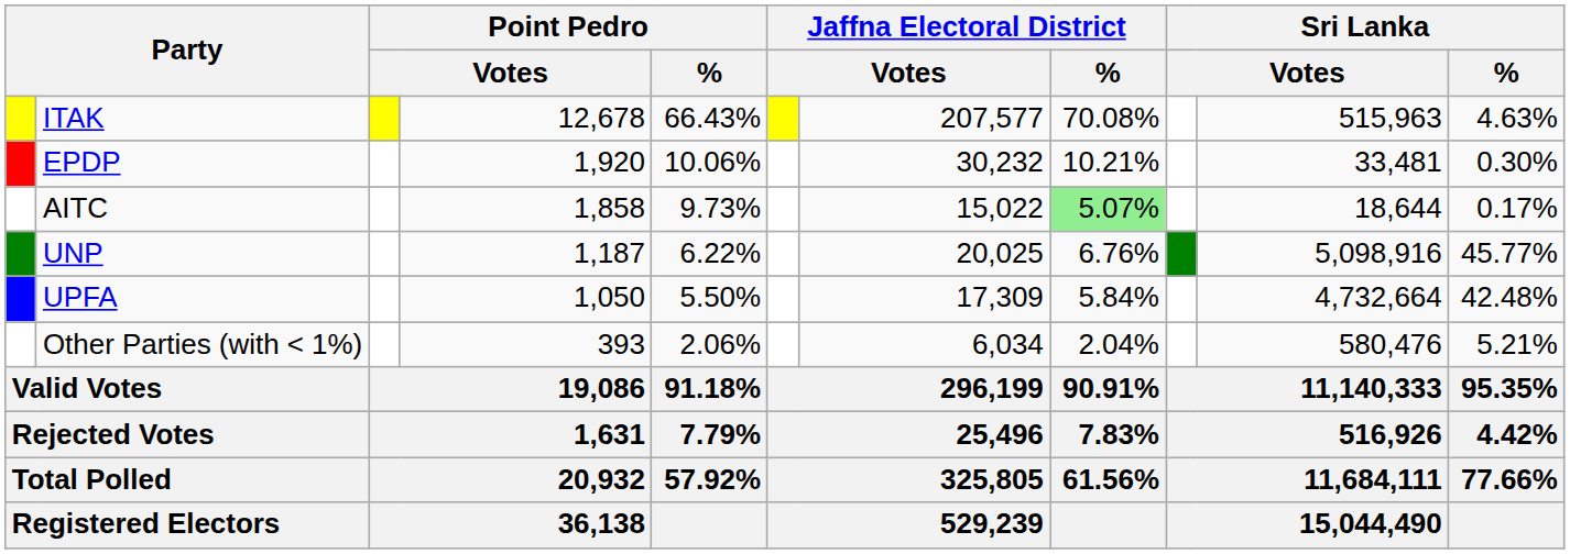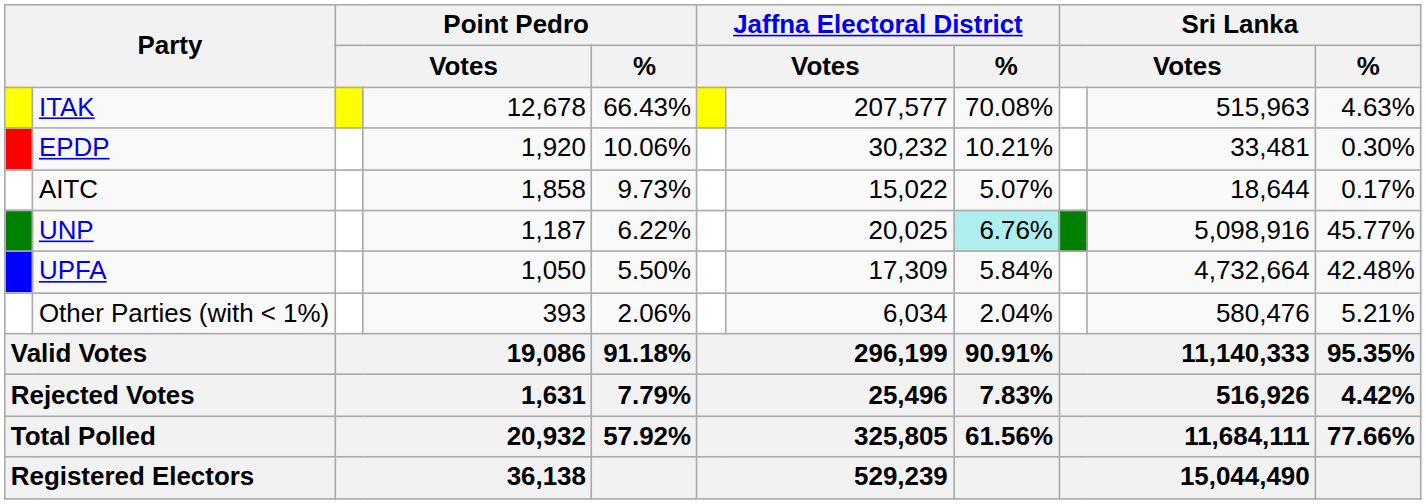 <table class="wikitable">
 <tr>
 <th colspan="2" width="144px"rowspan="2">Party</th>
 <th colspan="3" width="216px">Point Pedro</th>
 <th colspan="3" width="216px"><a href='#'>Jaffna Electoral District</a></th>
 <th colspan="3" width="216px">Sri Lanka</th>
 </tr>
 <tr>
 <th colspan="2" width="144px">Votes</th>
 <th>%</th>
 <th colspan="2" width="144px">Votes</th>
 <th>%</th>
 <th colspan="2" width="144px">Votes</th>
 <th>%</th>
 </tr>
 <tr>
 <td style="background-color:yellow;" width="10px"></td>
 <td style="text-align:left;"><a href='#'>ITAK</a></td>
 <td style="background-color:yellow;" width="10px"></td>
 <td style="text-align:right;">12,678</td>
 <td style="text-align:right;">66.43%</td>
 <td style="background-color:yellow;" width="10px"></td>
 <td style="text-align:right;">207,577</td>
 <td style="text-align:right;">70.08%</td>
 <td style="background-color:white;" width="10px"></td>
 <td style="text-align:right;">515,963</td>
 <td style="text-align:right;">4.63%</td>
 </tr>
 <tr>
 <td style="background-color:red;" width="10px"></td>
 <td style="text-align:left;"><a href='#'>EPDP</a></td>
 <td style="background-color:white;" width="10px"></td>
 <td style="text-align:right;">1,920</td>
 <td style="text-align:right;">10.06%</td>
 <td style="background-color:white;" width="10px"></td>
 <td style="text-align:right;">30,232</td>
 <td style="text-align:right;">10.21%</td>
 <td style="background-color:white;" width="10px"></td>
 <td style="text-align:right;">33,481</td>
 <td style="text-align:right;">0.30%</td>
 </tr>
 <tr>
 <td style="background-color:white;" width="10px"></td>
 <td style="text-align:left;">AITC</td>
 <td style="background-color:white;" width="10px"></td>
 <td style="text-align:right;">1,858</td>
 <td style="text-align:right;">9.73%</td>
 <td style="background-color:white;" width="10px"></td>
 <td style="text-align:right;">15,022</td>
-<td style="background: lightgreen; text-align:right;">5.07%</td>
+<td style="text-align:right;">5.07%</td>
 <td style="background-color:white;" width="10px"></td>
 <td style="text-align:right;">18,644</td>
 <td style="text-align:right;">0.17%</td>
 </tr>
 <tr>
 <td style="background-color:green;" width="10px"></td>
 <td style="text-align:left;"><a href='#'>UNP</a></td>
 <td style="background-color:white;" width="10px"></td>
 <td style="text-align:right;">1,187</td>
 <td style="text-align:right;">6.22%</td>
 <td style="background-color:white;" width="10px"></td>
 <td style="text-align:right;">20,025</td>
-<td style="text-align:right;">6.76%</td>
+<td style="background: paleturquoise; text-align:right;">6.76%</td>
 <td style="background-color:green;" width="10px"></td>
 <td style="text-align:right;">5,098,916</td>
 <td style="text-align:right;">45.77%</td>
 </tr>
 <tr>
 <td style="background-color:blue;" width="10px"></td>
 <td style="text-align:left;"><a href='#'>UPFA</a></td>
 <td style="background-color:white;" width="10px"></td>
 <td style="text-align:right;">1,050</td>
 <td style="text-align:right;">5.50%</td>
 <td style="background-color:white;" width="10px"></td>
 <td style="text-align:right;">17,309</td>
 <td style="text-align:right;">5.84%</td>
 <td style="background-color:white;" width="10px"></td>
 <td style="text-align:right;">4,732,664</td>
 <td style="text-align:right;">42.48%</td>
 </tr>
 <tr>
 <td style="background-color:white;" width="10px"></td>
 <td style="text-align:left;">Other Parties (with < 1%)</td>
 <td style="background-color:white;" width="10px"></td>
 <td style="text-align:right;">393</td>
 <td style="text-align:right;">2.06%</td>
 <td style="background-color:white;" width="10px"></td>
 <td style="text-align:right;">6,034</td>
 <td style="text-align:right;">2.04%</td>
 <td style="background-color:white;" width="10px"></td>
 <td style="text-align:right;">580,476</td>
 <td style="text-align:right;">5.21%</td>
 </tr>
 <tr>
 <th colspan="2" width="144px"style="text-align:left;">Valid Votes</th>
 <th style="text-align:right;"colspan="2" width="144px">19,086</th>
 <th style="text-align:right;">91.18%</th>
 <th style="text-align:right;"colspan="2" width="144px">296,199</th>
 <th style="text-align:right;">90.91%</th>
 <th style="text-align:right;"colspan="2" width="144px">11,140,333</th>
 <th style="text-align:right;">95.35%</th>
 </tr>
 <tr>
 <th colspan="2" width="144px"style="text-align:left;">Rejected Votes</th>
 <th style="text-align:right;"colspan="2" width="144px">1,631</th>
 <th style="text-align:right;">7.79%</th>
 <th style="text-align:right;"colspan="2" width="144px">25,496</th>
 <th style="text-align:right;">7.83%</th>
 <th style="text-align:right;"colspan="2" width="144px">516,926</th>
 <th style="text-align:right;">4.42%</th>
 </tr>
 <tr>
 <th colspan="2" width="144px"style="text-align:left;">Total Polled</th>
 <th style="text-align:right;"colspan="2" width="144px">20,932</th>
 <th style="text-align:right;">57.92%</th>
 <th style="text-align:right;"colspan="2" width="144px">325,805</th>
 <th style="text-align:right;">61.56%</th>
 <th style="text-align:right;"colspan="2" width="144px">11,684,111</th>
 <th style="text-align:right;">77.66%</th>
 </tr>
 <tr>
 <th colspan="2" width="144px"style="text-align:left;">Registered Electors</th>
 <th style="text-align:right;"colspan="2" width="144px">36,138</th>
 <th></th>
 <th style="text-align:right;"colspan="2" width="144px">529,239</th>
 <th></th>
 <th style="text-align:right;"colspan="2" width="144px">15,044,490</th>
 <th></th>
 </tr>
 </table>
